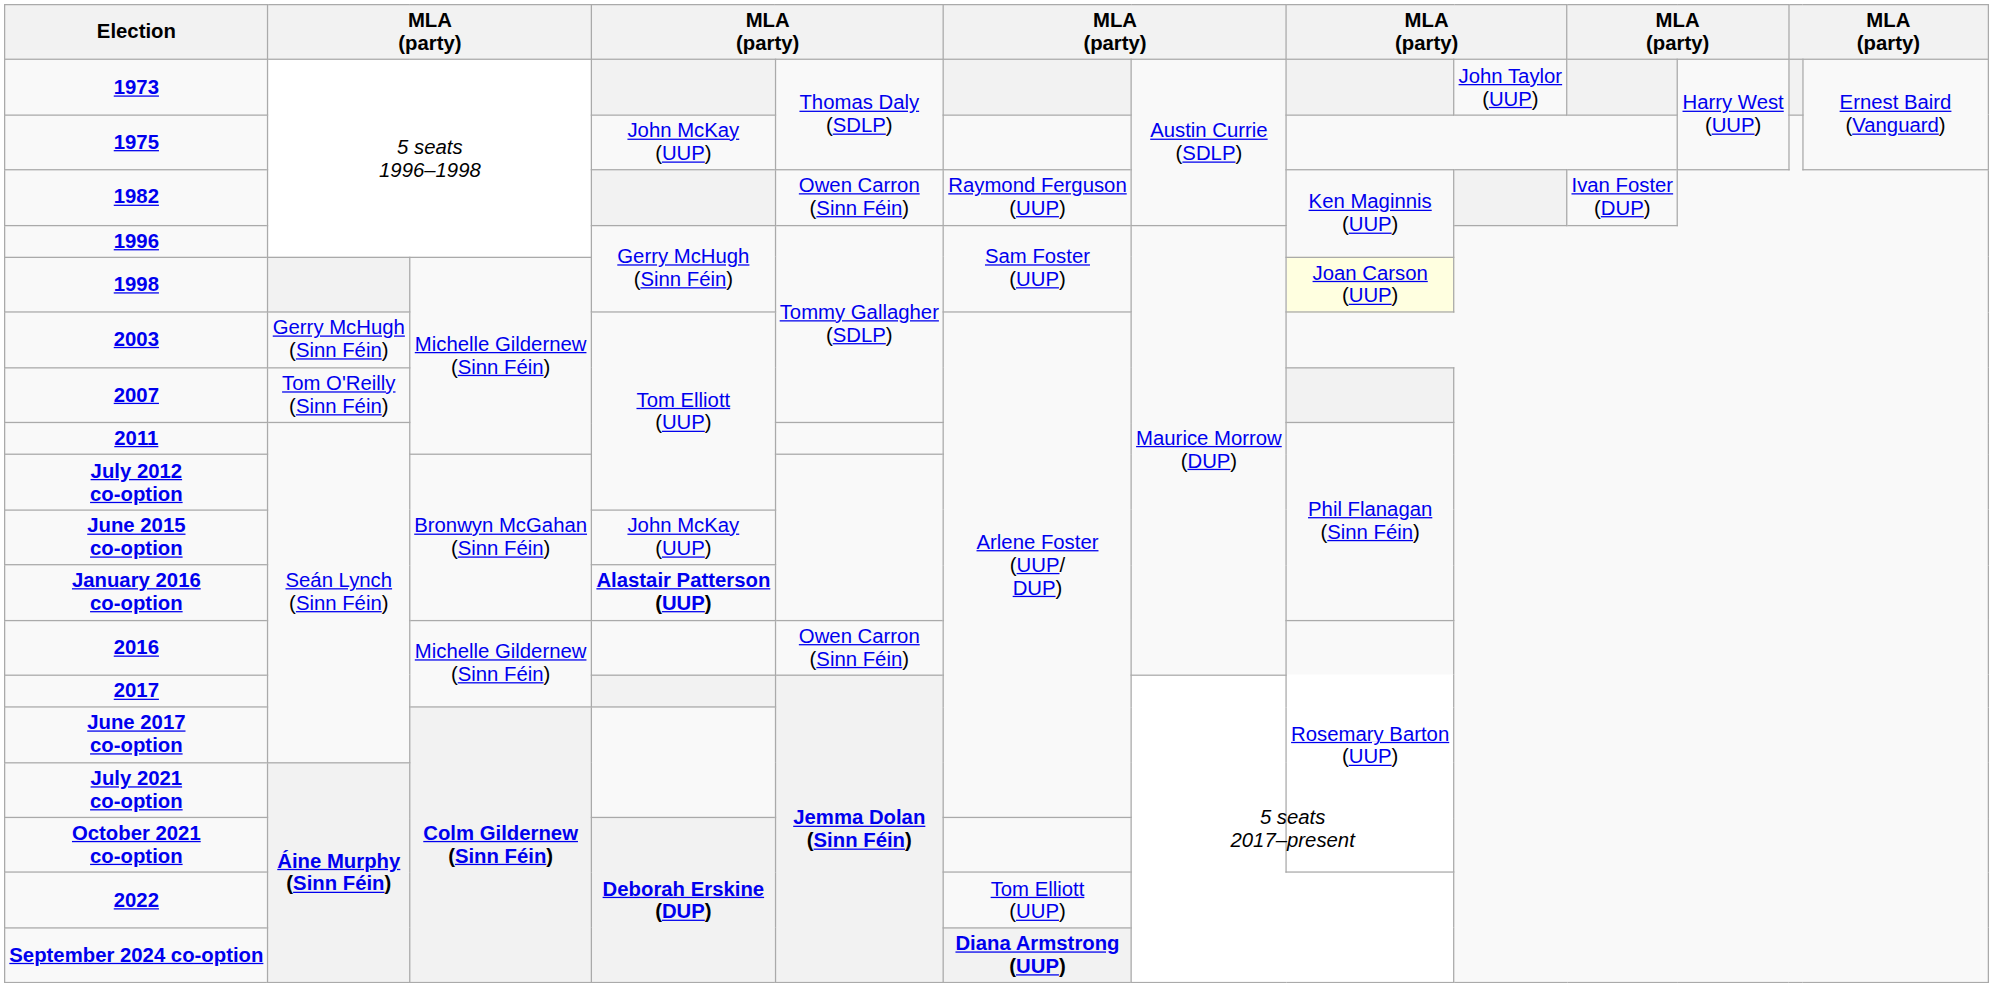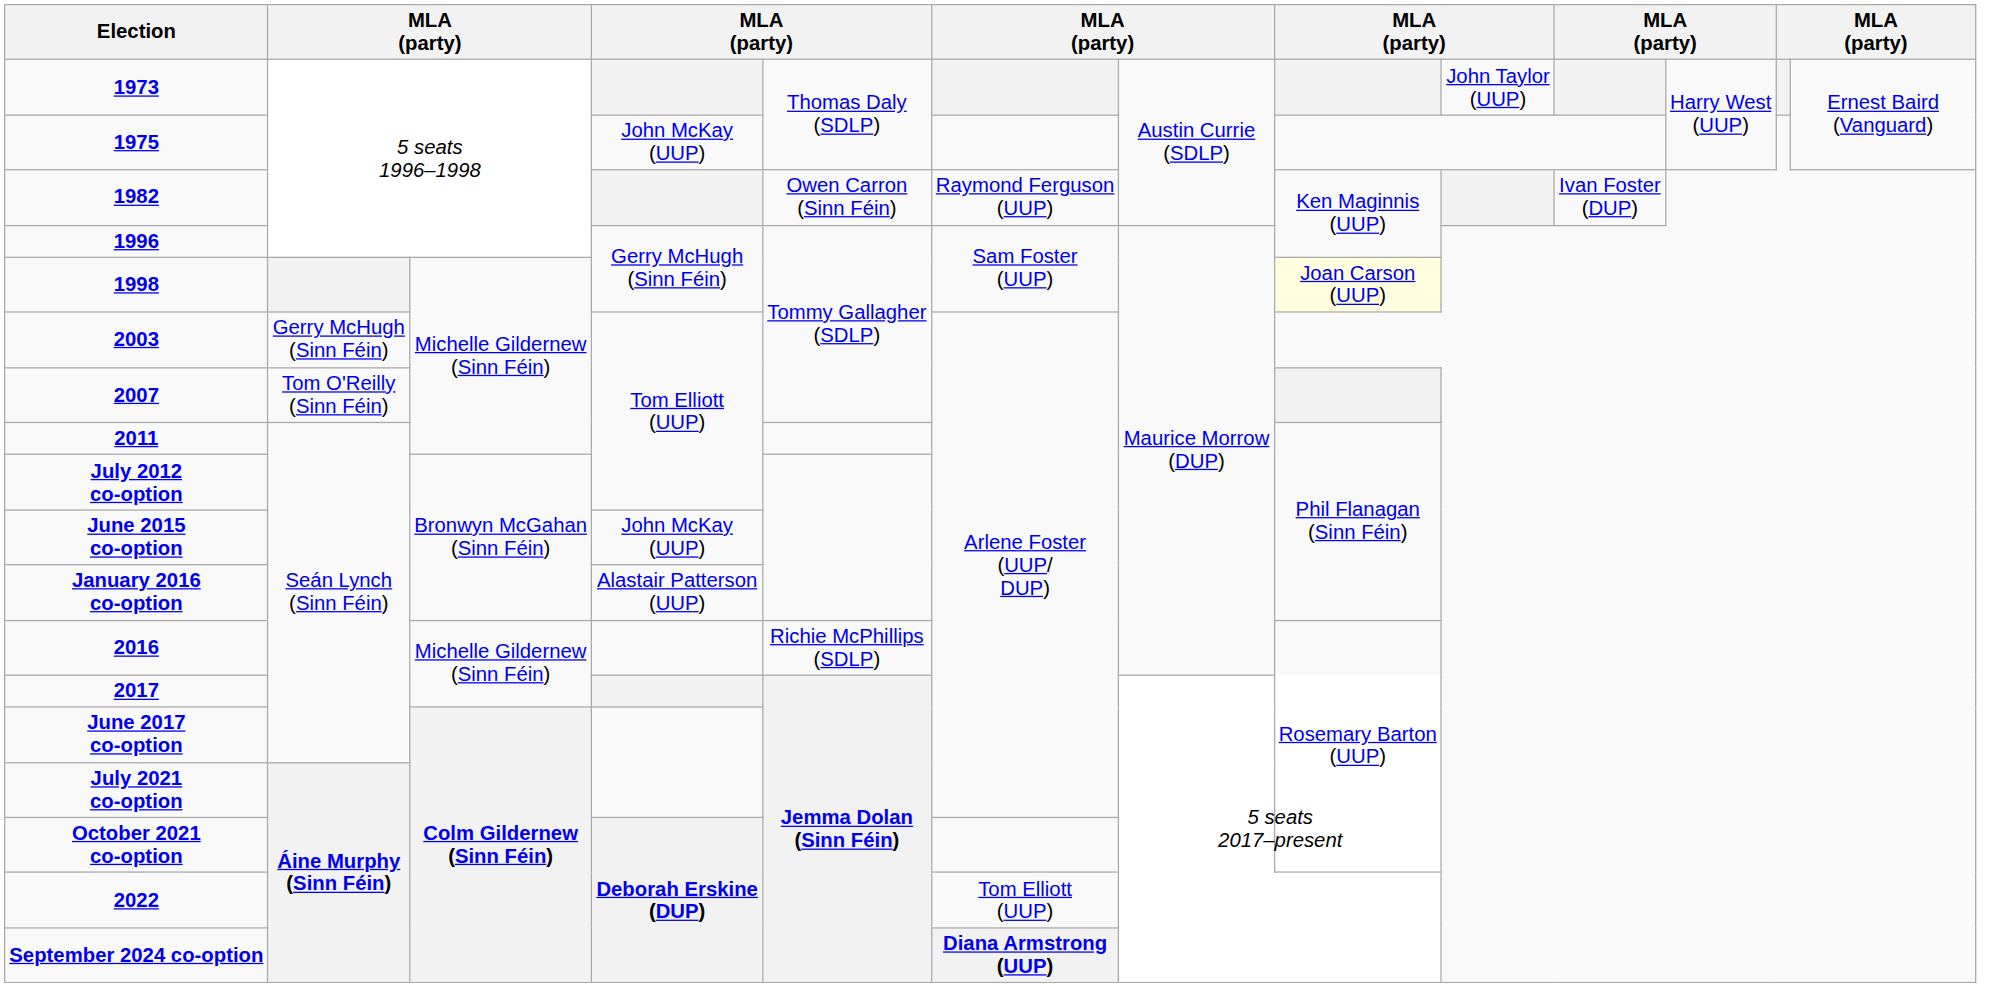 <table class="wikitable" style="text-align:center">
 <tr>
 <th>Election</th>
 <th scope="col" width="150" colspan = "2">MLA<br> (party)</th>
 <th scope="col" width="150" colspan = "2">MLA<br> (party)</th>
 <th scope="col" width="150" colspan = "2">MLA<br> (party)</th>
 <th scope="col" width="150" colspan = "2">MLA<br> (party)</th>
 <th scope="col" width="150" colspan = "2">MLA<br> (party)</th>
 <th scope="col" width="150" colspan = "2">MLA<br> (party)</th>
 </tr>
 <tr>
 <td><strong><a href='#'>1973</a></strong></td>
 <td style="background-color:#FFFFFF" rowspan=4 colspan=2><em>5 seats<br>1996–1998</em></td>
 <th style="background-color: "></th>
 <td rowspan=2><a href='#'>Thomas Daly</a><br>(<a href='#'>SDLP</a>)</td>
 <th style="background-color: "></th>
 <td rowspan=3><a href='#'>Austin Currie</a><br>(<a href='#'>SDLP</a>)</td>
 <th style="background-color: "></th>
 <td><a href='#'>John Taylor</a><br>(<a href='#'>UUP</a>)</td>
 <th style="background-color: "></th>
 <td rowspan=2><a href='#'>Harry West</a><br>(<a href='#'>UUP</a>)</td>
 <th style="background-color: "></th>
 <td rowspan=2><a href='#'>Ernest Baird</a><br>(<a href='#'>Vanguard</a>)</td>
 </tr>
 <tr>
 <td><strong><a href='#'>1975</a></strong></td>
 <td><a href='#'>John McKay</a><br>(<a href='#'>UUP</a>)</td>
 </tr>
 <tr>
 <td><strong><a href='#'>1982</a></strong></td>
 <th style="background-color: "></th>
 <td><a href='#'>Owen Carron</a><br>(<a href='#'>Sinn Féin</a>)</td>
 <td><a href='#'>Raymond Ferguson</a><br>(<a href='#'>UUP</a>)</td>
 <td rowspan=2><a href='#'>Ken Maginnis</a><br>(<a href='#'>UUP</a>)</td>
 <th style="background-color: "></th>
 <td><a href='#'>Ivan Foster</a><br>(<a href='#'>DUP</a>)</td>
 </tr>
 <tr>
 <td><strong><a href='#'>1996</a></strong></td>
 <td rowspan=2><a href='#'>Gerry McHugh</a><br>(<a href='#'>Sinn Féin</a>)</td>
 <td rowspan=4><a href='#'>Tommy Gallagher</a><br>(<a href='#'>SDLP</a>)</td>
 <td rowspan=2><a href='#'>Sam Foster</a><br>(<a href='#'>UUP</a>)</td>
 <td rowspan=9><a href='#'>Maurice Morrow</a><br>(<a href='#'>DUP</a>)</td>
 </tr>
 <tr>
 <td><strong><a href='#'>1998</a></strong></td>
 <th style="background-color: "></th>
 <td rowspan=4><a href='#'>Michelle Gildernew</a><br>(<a href='#'>Sinn Féin</a>)</td>
 <td style="background: lightyellow;"><a href='#'>Joan Carson</a><br>(<a href='#'>UUP</a>)</td>
 </tr>
 <tr>
 <td><strong><a href='#'>2003</a></strong></td>
 <td><a href='#'>Gerry McHugh</a><br>(<a href='#'>Sinn Féin</a>)</td>
 <td rowspan=4><a href='#'>Tom Elliott</a><br>(<a href='#'>UUP</a>)</td>
 <td rowspan=10><a href='#'>Arlene Foster</a><br>(<a href='#'>UUP</a>/<br><a href='#'>DUP</a>)</td>
 </tr>
 <tr>
 <td><strong><a href='#'>2007</a></strong></td>
 <td><a href='#'>Tom O'Reilly</a><br>(<a href='#'>Sinn Féin</a>)</td>
 <th style="background-color: "></th>
 </tr>
 <tr>
 <td><strong><a href='#'>2011</a></strong></td>
 <td rowspan=7><a href='#'>Seán Lynch</a><br>(<a href='#'>Sinn Féin</a>)</td>
 <td style="background-color: "></td>
 <td rowspan=4><a href='#'>Phil Flanagan</a><br>(<a href='#'>Sinn Féin</a>)</td>
 </tr>
 <tr>
 <td><strong><a href='#'>July 2012<br>co-option</a></strong></td>
 <td rowspan=3><a href='#'>Bronwyn McGahan</a><br>(<a href='#'>Sinn Féin</a>)</td>
 </tr>
 <tr>
 <td><strong><a href='#'>June 2015<br>co-option</a></strong></td>
 <td><a href='#'>John McKay</a><br>(<a href='#'>UUP</a>)</td>
 </tr>
 <tr>
 <td><strong><a href='#'>January 2016<br>co-option</a></strong></td>
-<td><strong><a href='#'>Alastair Patterson</a><br>(<a href='#'>UUP</a>)</strong></td>
+<td><a href='#'>Alastair Patterson</a><br>(<a href='#'>UUP</a>)</td>
 </tr>
 <tr>
 <td><strong><a href='#'>2016</a></strong></td>
 <td rowspan=2><a href='#'>Michelle Gildernew</a><br>(<a href='#'>Sinn Féin</a>)</td>
 <td style="background-color: "></td>
-<td><a href='#'>Owen Carron</a><br>(<a href='#'>Sinn Féin</a>)</td>
+<td><a href='#'>Richie McPhillips</a><br>(<a href='#'>SDLP</a>)</td>
 <td rowspan=5><a href='#'>Rosemary Barton</a><br>(<a href='#'>UUP</a>)</td>
 </tr>
 <tr>
 <td><strong><a href='#'>2017</a></strong></td>
 <th style="background-color: "></th>
 <th rowspan=6><a href='#'>Jemma Dolan</a><br>(<a href='#'>Sinn Féin</a>)</th>
 <td style="background-color:#FFFFFF" colspan=2 rowspan=6><em>5 seats<br>2017–present</em></td>
 </tr>
 <tr>
 <td><strong><a href='#'>June 2017<br>co-option</a></strong></td>
 <th rowspan=5><a href='#'>Colm Gildernew</a><br>(<a href='#'>Sinn Féin</a>)</th>
 </tr>
 <tr>
 <td><strong><a href='#'>July 2021<br>co-option</a></strong></td>
 <th rowspan=4><a href='#'>Áine Murphy</a><br>(<a href='#'>Sinn Féin</a>)</th>
 </tr>
 <tr>
 <td><strong><a href='#'>October 2021<br>co-option</a></strong></td>
 <th rowspan=3><a href='#'>Deborah Erskine</a><br>(<a href='#'>DUP</a>)</th>
 </tr>
 <tr>
 <td><strong><a href='#'>2022</a></strong></td>
 <td><a href='#'>Tom Elliott</a><br>(<a href='#'>UUP</a>)</td>
 </tr>
 <tr>
 <td><a href='#'><strong>September 2024 co-option</strong></a></td>
 <th rowspan=2><a href='#'>Diana Armstrong</a><br>(<a href='#'>UUP</a>)</th>
 </tr>
 </table>
